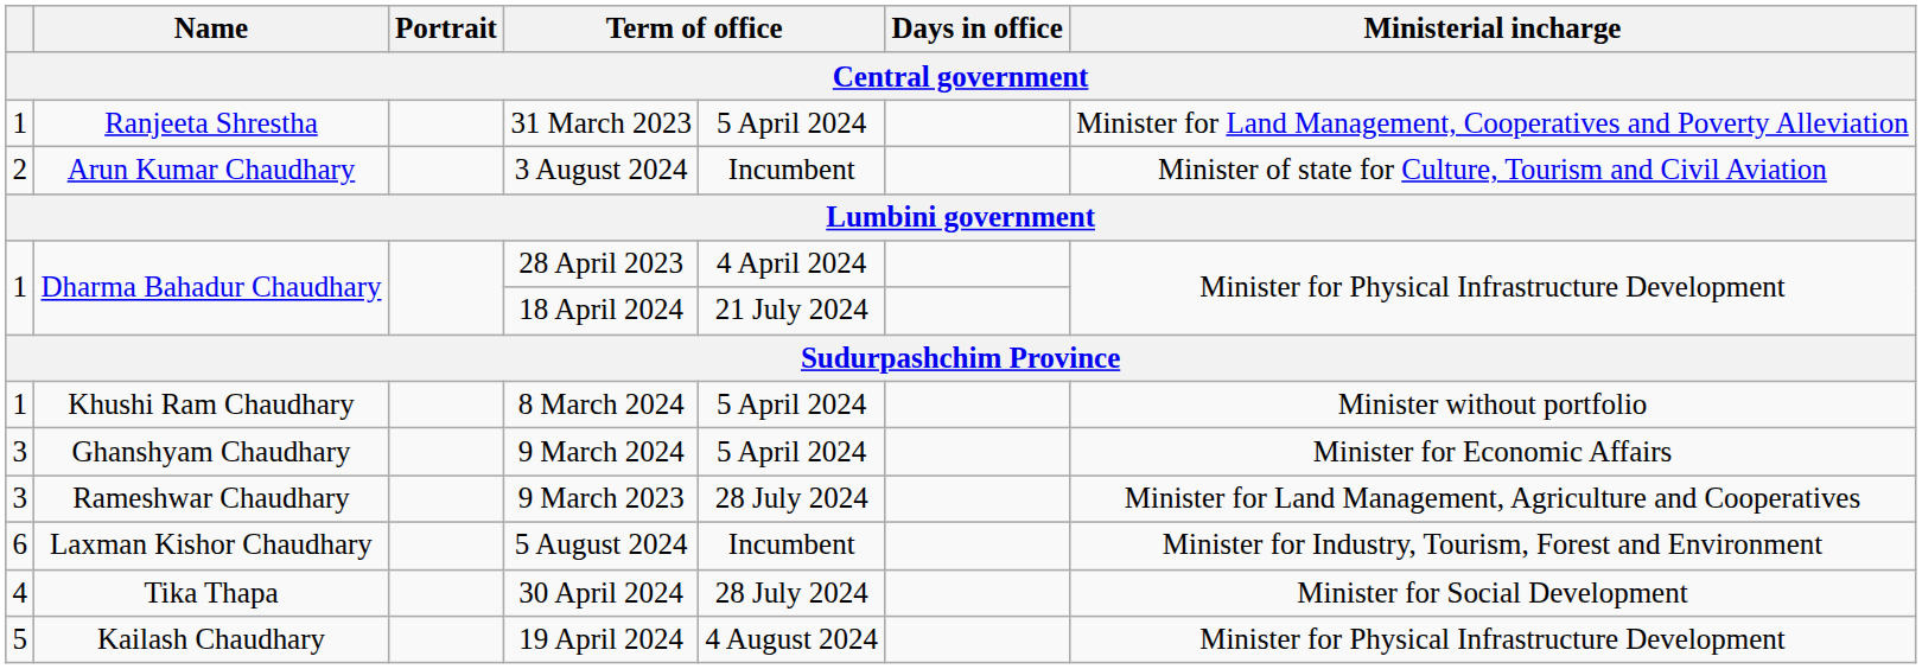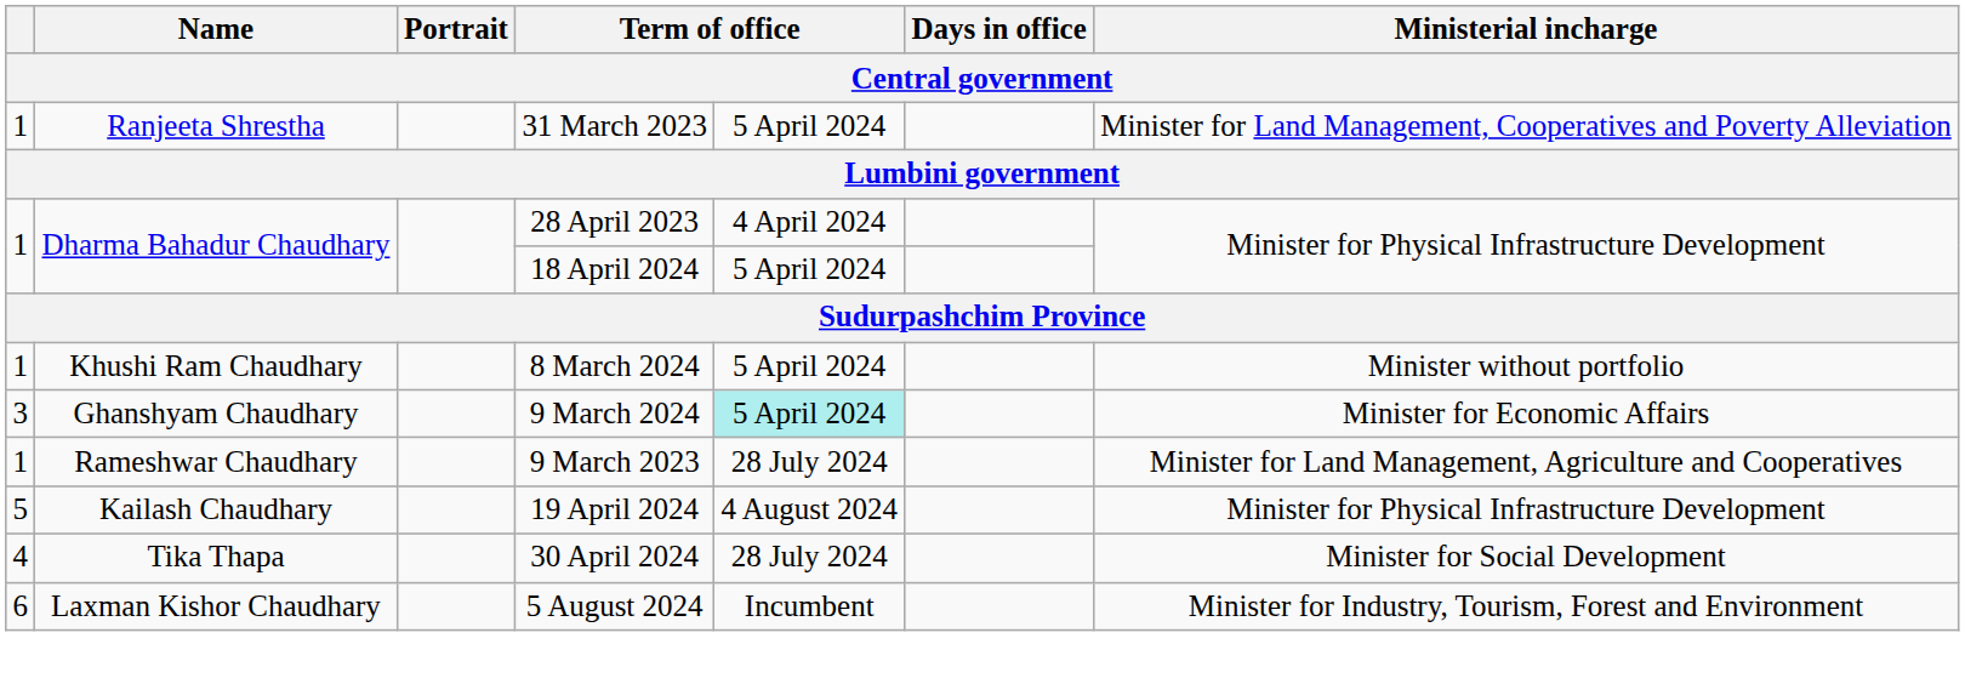 <table class="wikitable" style="text-align:center">
 <tr>
 <th style="background:"></th>
 <th style="background:">Name</th>
 <th style="background:">Portrait</th>
 <th colspan="2" style="background:">Term of office</th>
 <th style="background:">Days in office</th>
 <th style="background:">Ministerial incharge</th>
 </tr>
 <tr>
 <th colspan="7"><a href='#'>Central government</a></th>
 </tr>
 <tr>
 <td>1</td>
 <td><a href='#'>Ranjeeta Shrestha</a></td>
 <td></td>
 <td>31 March 2023</td>
 <td>5 April 2024</td>
 <td></td>
 <td>Minister for <a href='#'>Land Management, Cooperatives and Poverty Alleviation</a></td>
 </tr>
 <tr>
-<td>2</td>
-<td><a href='#'>Arun Kumar Chaudhary</a></td>
-<td></td>
-<td>3 August 2024</td>
-<td>Incumbent</td>
-<td></td>
-<td>Minister of state for <a href='#'>Culture, Tourism and Civil Aviation</a></td>
-</tr>
-<tr>
 <th colspan="7"><strong><a href='#'>Lumbini government</a></strong></th>
 </tr>
 <tr>
 <td rowspan="2">1</td>
 <td rowspan="2"><a href='#'>Dharma Bahadur Chaudhary</a></td>
 <td rowspan="2"></td>
 <td>28 April 2023</td>
 <td>4 April 2024</td>
 <td></td>
 <td rowspan="2">Minister for Physical Infrastructure Development</td>
 </tr>
 <tr>
 <td>18 April 2024</td>
-<td>21 July 2024</td>
+<td>5 April 2024</td>
 <td></td>
 </tr>
 <tr>
 <th colspan="7"><a href='#'>Sudurpashchim Province</a></th>
 </tr>
 <tr>
 <td>1</td>
 <td>Khushi Ram Chaudhary</td>
 <td></td>
 <td>8 March 2024</td>
 <td>5 April 2024</td>
 <td></td>
 <td>Minister without portfolio</td>
 </tr>
 <tr>
 <td>3</td>
 <td>Ghanshyam Chaudhary</td>
 <td></td>
 <td>9 March 2024</td>
-<td>5 April 2024</td>
+<td style="background: paleturquoise;">5 April 2024</td>
 <td></td>
 <td>Minister for Economic Affairs</td>
 </tr>
 <tr>
-<td>3</td>
+<td>1</td>
 <td>Rameshwar Chaudhary</td>
 <td></td>
 <td>9 March 2023</td>
 <td>28 July 2024</td>
 <td></td>
 <td>Minister for Land Management, Agriculture and Cooperatives</td>
 </tr>
 <tr>
-<td>6</td>
-<td>Laxman Kishor Chaudhary</td>
+<td>5</td>
+<td>Kailash Chaudhary</td>
 <td></td>
-<td>5 August 2024</td>
-<td>Incumbent</td>
+<td>19 April 2024</td>
+<td>4 August 2024</td>
 <td></td>
-<td>Minister for Industry, Tourism, Forest and Environment</td>
+<td>Minister for Physical Infrastructure Development</td>
 </tr>
 <tr>
 <td>4</td>
 <td>Tika Thapa</td>
 <td></td>
 <td>30 April 2024</td>
 <td>28 July 2024</td>
 <td></td>
 <td>Minister for Social Development</td>
 </tr>
 <tr>
-<td>5</td>
-<td>Kailash Chaudhary</td>
+<td>6</td>
+<td>Laxman Kishor Chaudhary</td>
 <td></td>
-<td>19 April 2024</td>
-<td>4 August 2024</td>
+<td>5 August 2024</td>
+<td>Incumbent</td>
 <td></td>
-<td>Minister for Physical Infrastructure Development</td>
+<td>Minister for Industry, Tourism, Forest and Environment</td>
 </tr>
 </table>
